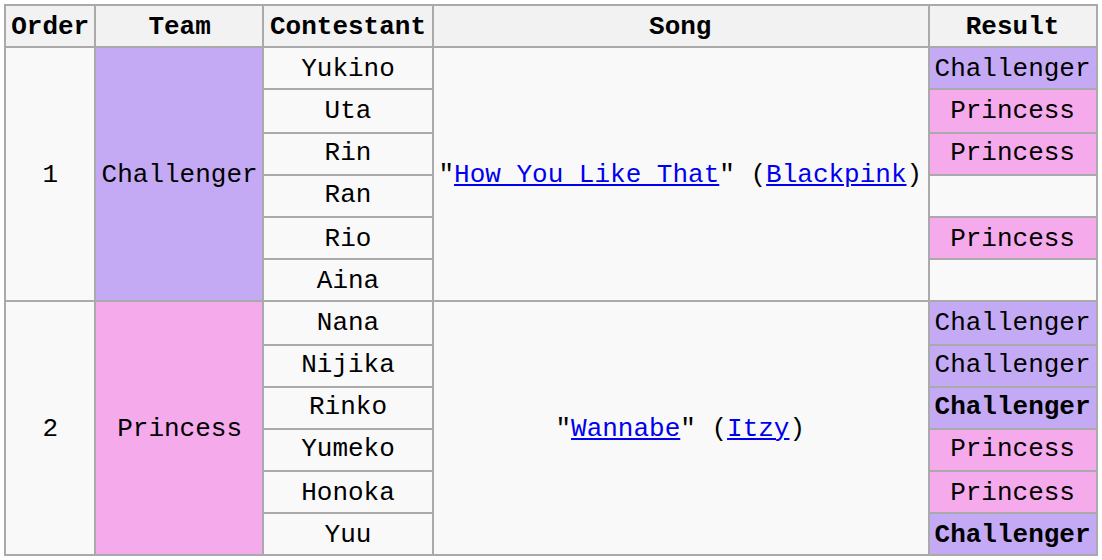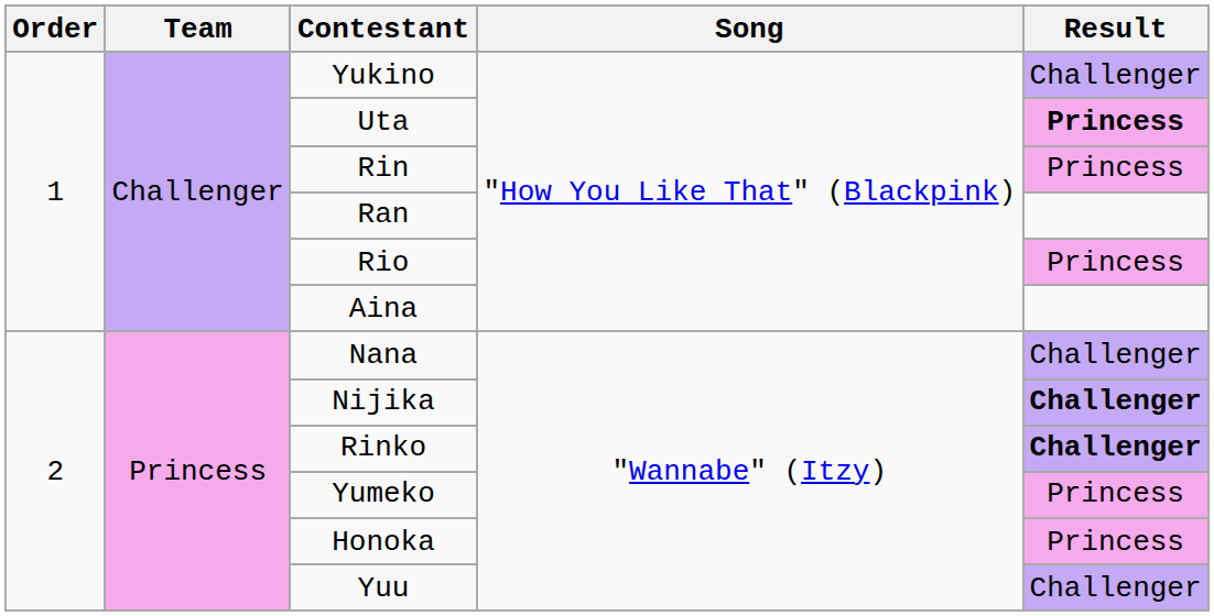 <table class="wikitable sortable" style="text-align:center;">
 <tr>
 <th>Order</th>
 <th>Team</th>
 <th>Contestant</th>
 <th>Song</th>
 <th>Result</th>
 </tr>
 <tr>
 <td rowspan="6">1</td>
 <td rowspan="6" style="background:#c4aaf5;">Challenger</td>
 <td>Yukino</td>
 <td rowspan="6">"<a href='#'>How You Like That</a>" (<a href='#'>Blackpink</a>)</td>
 <td style="background:#c4aaf5;">Challenger</td>
 </tr>
 <tr>
 <td>Uta</td>
-<td style="background:#F5AAEC;">Princess</td>
+<td style="background:#F5AAEC;"><strong>Princess</strong></td>
 </tr>
 <tr>
 <td>Rin</td>
 <td style="background:#F5AAEC;">Princess</td>
 </tr>
 <tr>
 <td>Ran</td>
 <td></td>
 </tr>
 <tr>
 <td>Rio</td>
 <td style="background:#F5AAEC;">Princess</td>
 </tr>
 <tr>
 <td>Aina</td>
 <td></td>
 </tr>
 <tr>
 <td rowspan="6">2</td>
 <td rowspan="6" style="background:#F5AAEC;">Princess</td>
 <td>Nana</td>
 <td rowspan="6">"<a href='#'>Wannabe</a>" (<a href='#'>Itzy</a>)</td>
 <td style="background:#c4aaf5;">Challenger</td>
 </tr>
 <tr>
 <td>Nijika</td>
-<td style="background:#c4aaf5;">Challenger</td>
+<td style="background:#c4aaf5;"><strong>Challenger</strong></td>
 </tr>
 <tr>
 <td>Rinko</td>
 <td style="background:#c4aaf5;"><strong>Challenger</strong></td>
 </tr>
 <tr>
 <td>Yumeko</td>
 <td style="background:#F5AAEC;">Princess</td>
 </tr>
 <tr>
 <td>Honoka</td>
 <td style="background:#F5AAEC;">Princess</td>
 </tr>
 <tr>
 <td>Yuu</td>
-<td style="background:#c4aaf5;"><strong>Challenger</strong></td>
+<td style="background:#c4aaf5;">Challenger</td>
 </tr>
 <tr>
 </tr>
 </table>
